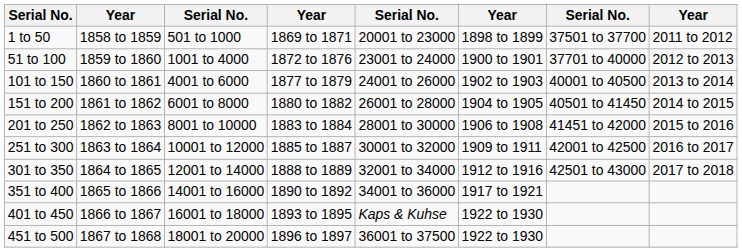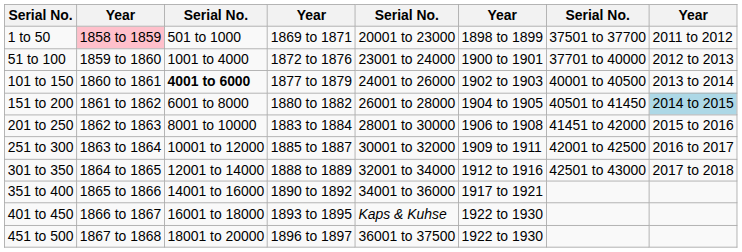 <table class="wikitable">
 <tr>
 <th>Serial No.</th>
 <th>Year</th>
 <th>Serial No.</th>
 <th>Year</th>
 <th>Serial No.</th>
 <th>Year</th>
 <th>Serial No.</th>
 <th>Year</th>
 </tr>
 <tr>
 <td>1 to 50</td>
-<td>1858 to 1859</td>
+<td style="background: pink;">1858 to 1859</td>
 <td>501 to 1000</td>
 <td>1869 to 1871</td>
 <td>20001 to 23000</td>
 <td>1898 to 1899</td>
 <td>37501 to 37700</td>
 <td>2011 to 2012</td>
 </tr>
 <tr>
 <td>51 to 100</td>
 <td>1859 to 1860</td>
 <td>1001 to 4000</td>
 <td>1872 to 1876</td>
 <td>23001 to 24000</td>
 <td>1900 to 1901</td>
 <td>37701 to 40000</td>
 <td>2012 to 2013</td>
 </tr>
 <tr>
 <td>101 to 150</td>
 <td>1860 to 1861</td>
-<td>4001 to 6000</td>
+<td><strong>4001 to 6000</strong></td>
 <td>1877 to 1879</td>
 <td>24001 to 26000</td>
 <td>1902 to 1903</td>
 <td>40001 to 40500</td>
 <td>2013 to 2014</td>
 </tr>
 <tr>
 <td>151 to 200</td>
 <td>1861 to 1862</td>
 <td>6001 to 8000</td>
 <td>1880 to 1882</td>
 <td>26001 to 28000</td>
 <td>1904 to 1905</td>
 <td>40501 to 41450</td>
-<td>2014 to 2015</td>
+<td style="background: lightblue;">2014 to 2015</td>
 </tr>
 <tr>
 <td>201 to 250</td>
 <td>1862 to 1863</td>
 <td>8001 to 10000</td>
 <td>1883 to 1884</td>
 <td>28001 to 30000</td>
 <td>1906 to 1908</td>
 <td>41451 to 42000</td>
 <td>2015 to 2016</td>
 </tr>
 <tr>
 <td>251 to 300</td>
 <td>1863 to 1864</td>
 <td>10001 to 12000</td>
 <td>1885 to 1887</td>
 <td>30001 to 32000</td>
 <td>1909 to 1911</td>
 <td>42001 to 42500</td>
 <td>2016 to 2017</td>
 </tr>
 <tr>
 <td>301 to 350</td>
 <td>1864 to 1865</td>
 <td>12001 to 14000</td>
 <td>1888 to 1889</td>
 <td>32001 to 34000</td>
 <td>1912 to 1916</td>
 <td>42501 to 43000</td>
 <td>2017 to 2018</td>
 </tr>
 <tr>
 <td>351 to 400</td>
 <td>1865 to 1866</td>
 <td>14001 to 16000</td>
 <td>1890 to 1892</td>
 <td>34001 to 36000</td>
 <td>1917 to 1921</td>
 <td></td>
 <td></td>
 </tr>
 <tr>
 <td>401 to 450</td>
 <td>1866 to 1867</td>
 <td>16001 to 18000</td>
 <td>1893 to 1895</td>
 <td><em>Kaps & Kuhse</em></td>
 <td>1922 to 1930</td>
 <td></td>
 <td></td>
 </tr>
 <tr>
 <td>451 to 500</td>
 <td>1867 to 1868</td>
 <td>18001 to 20000</td>
 <td>1896 to 1897</td>
 <td>36001 to 37500</td>
 <td>1922 to 1930</td>
 <td></td>
 <td></td>
 </tr>
 </table>
